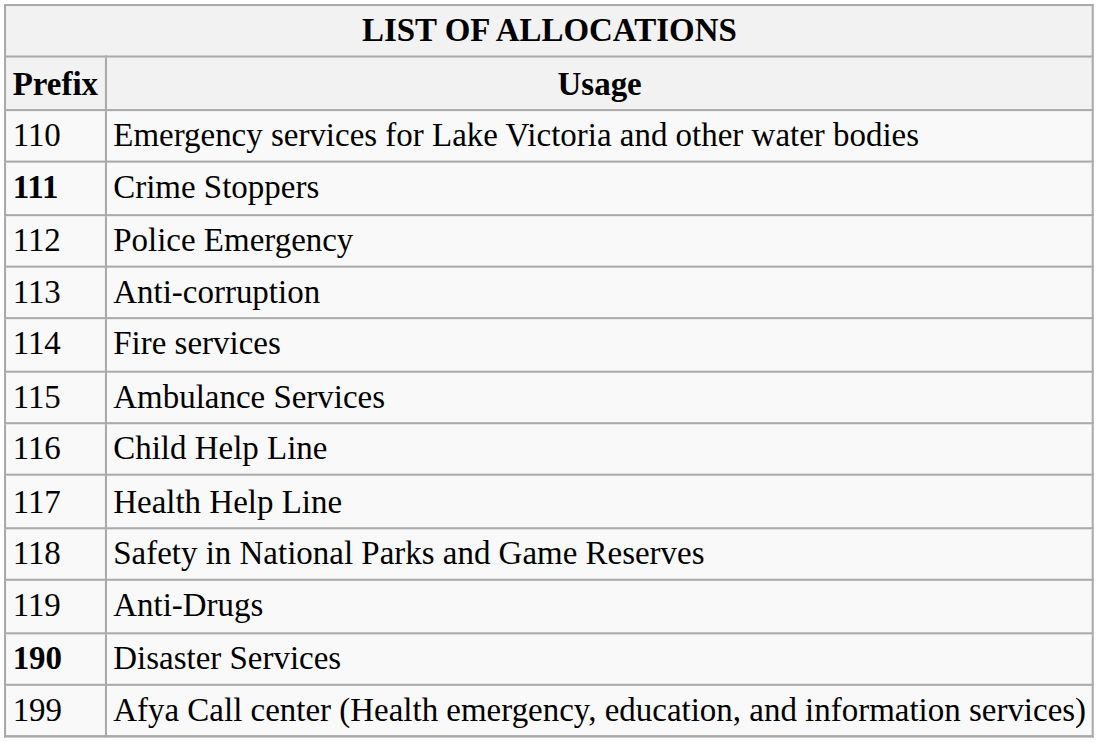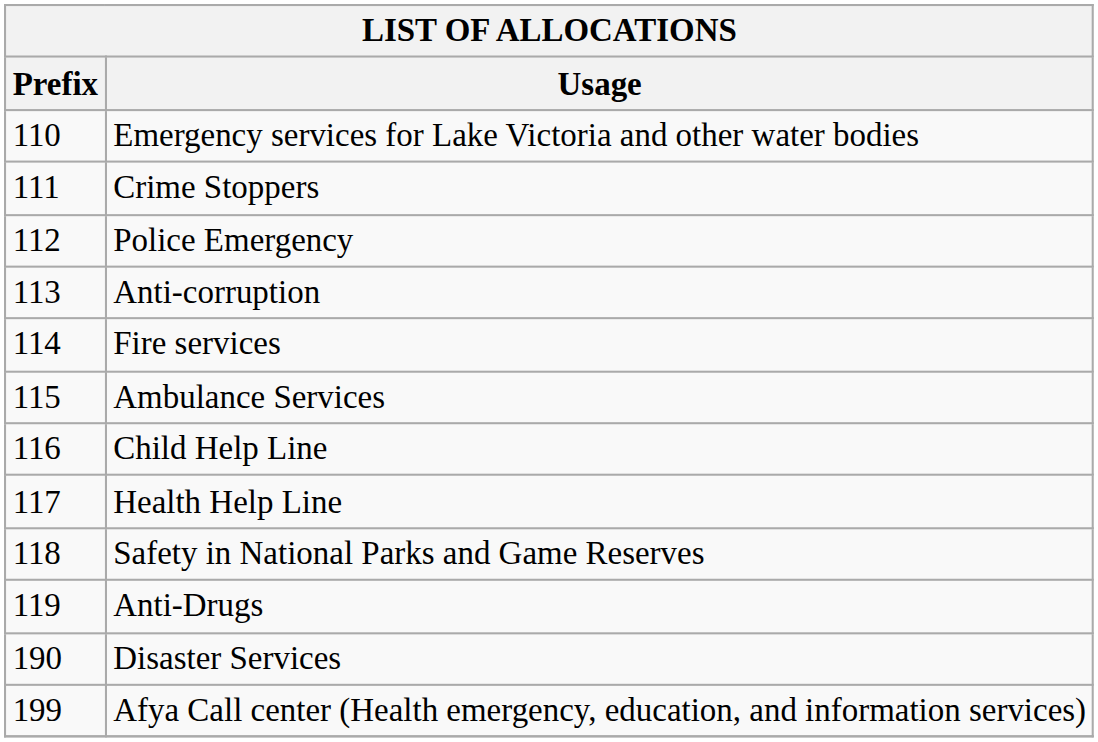 <table class="wikitable" border=1>
 <tr>
 <th colspan="2">LIST OF ALLOCATIONS</th>
 </tr>
 <tr>
 <th>Prefix</th>
 <th>Usage</th>
 </tr>
 <tr>
 <td>110</td>
 <td>Emergency services for Lake Victoria and other water bodies</td>
 </tr>
 <tr>
-<td><strong>111</strong></td>
+<td>111</td>
 <td>Crime Stoppers</td>
 </tr>
 <tr>
 <td>112</td>
 <td>Police Emergency</td>
 </tr>
 <tr>
 <td>113</td>
 <td>Anti-corruption</td>
 </tr>
 <tr>
 <td>114</td>
 <td>Fire services</td>
 </tr>
 <tr>
 <td>115</td>
 <td>Ambulance Services</td>
 </tr>
 <tr>
 <td>116</td>
 <td>Child Help Line</td>
 </tr>
 <tr>
 <td>117</td>
 <td>Health Help Line</td>
 </tr>
 <tr>
 <td>118</td>
 <td>Safety in National Parks and Game Reserves</td>
 </tr>
 <tr>
 <td>119</td>
 <td>Anti-Drugs</td>
 </tr>
 <tr>
-<td><strong>190</strong></td>
+<td>190</td>
 <td>Disaster Services</td>
 </tr>
 <tr>
 <td>199</td>
 <td>Afya Call center (Health emergency, education, and information services)</td>
 </tr>
 <tr>
 </tr>
 </table>
